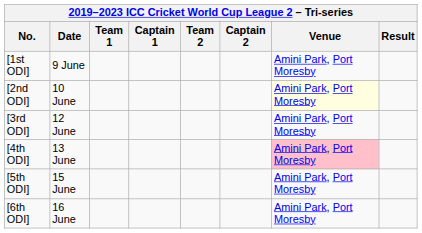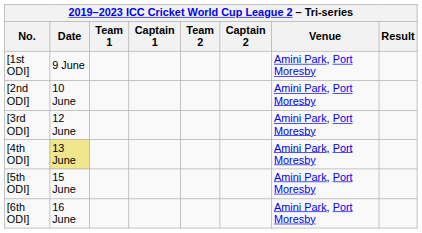 <table class="wikitable">
 <tr>
 <th colspan="9"><a href='#'>2019–2023 ICC Cricket World Cup League 2</a> – Tri-series</th>
 </tr>
 <tr>
 <th>No.</th>
 <th>Date</th>
 <th>Team 1</th>
 <th>Captain 1</th>
 <th>Team 2</th>
 <th>Captain 2</th>
 <th>Venue</th>
 <th>Result</th>
 </tr>
 <tr>
 <td>[1st ODI]</td>
 <td>9 June</td>
 <td></td>
 <td></td>
 <td></td>
 <td></td>
 <td><a href='#'>Amini Park</a>, <a href='#'>Port Moresby</a></td>
 <td></td>
 </tr>
 <tr>
 <td>[2nd ODI]</td>
 <td>10 June</td>
 <td></td>
 <td></td>
 <td></td>
 <td></td>
-<td style="background: lightyellow;"><a href='#'>Amini Park</a>, <a href='#'>Port Moresby</a></td>
+<td><a href='#'>Amini Park</a>, <a href='#'>Port Moresby</a></td>
 <td></td>
 </tr>
 <tr>
 <td>[3rd ODI]</td>
 <td>12 June</td>
 <td></td>
 <td></td>
 <td></td>
 <td></td>
 <td><a href='#'>Amini Park</a>, <a href='#'>Port Moresby</a></td>
 <td></td>
 </tr>
 <tr>
 <td>[4th ODI]</td>
-<td>13 June</td>
+<td style="background: khaki;">13 June</td>
 <td></td>
 <td></td>
 <td></td>
 <td></td>
-<td style="background: pink;"><a href='#'>Amini Park</a>, <a href='#'>Port Moresby</a></td>
+<td><a href='#'>Amini Park</a>, <a href='#'>Port Moresby</a></td>
 <td></td>
 </tr>
 <tr>
 <td>[5th ODI]</td>
 <td>15 June</td>
 <td></td>
 <td></td>
 <td></td>
 <td></td>
 <td><a href='#'>Amini Park</a>, <a href='#'>Port Moresby</a></td>
 <td></td>
 </tr>
 <tr>
 <td>[6th ODI]</td>
 <td>16 June</td>
 <td></td>
 <td></td>
 <td></td>
 <td></td>
 <td><a href='#'>Amini Park</a>, <a href='#'>Port Moresby</a></td>
 <td></td>
 </tr>
 </table>
